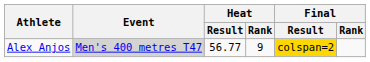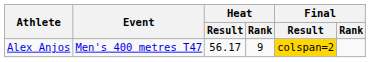 <table class="wikitable" style="text-align: center; font-size:90%">
 <tr>
 <th rowspan="2">Athlete</th>
 <th rowspan="2">Event</th>
 <th colspan="2">Heat</th>
 <th colspan="2">Final</th>
 </tr>
 <tr style="font-size:95%">
 <th>Result</th>
 <th>Rank</th>
 <th>Result</th>
 <th>Rank</th>
 </tr>
 <tr>
 <td align=left><a href='#'>Alex Anjos</a></td>
-<td align=left style="background: lightgrey;"><a href='#'>Men's 400 metres T47</a></td>
-<td>56.77</td>
+<td align=left><a href='#'>Men's 400 metres T47</a></td>
+<td>56.17</td>
 <td>9</td>
 <td style="background: gold;">colspan=2 </td>
 </tr>
 </table>
